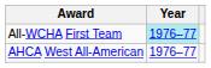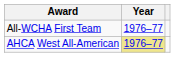 <table class="wikitable">
 <tr>
 <th>Award</th>
 <th>Year</th>
 <th></th>
 </tr>
 <tr>
 <td>All-<a href='#'>WCHA</a> <a href='#'>First Team</a></td>
-<td style="background: paleturquoise;"><a href='#'>1976–77</a></td>
+<td><a href='#'>1976–77</a></td>
 <td></td>
 </tr>
 <tr>
 <td><a href='#'>AHCA</a> <a href='#'>West All-American</a></td>
-<td><a href='#'>1976–77</a></td>
+<td style="background: khaki;"><a href='#'>1976–77</a></td>
 <td></td>
 </tr>
 </table>
